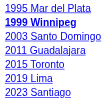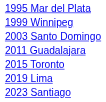 <table>
 <tr>
 <td><a href='#'>1995 Mar del Plata</a><br></td>
 <td></td>
 <td></td>
 <td></td>
 </tr>
 <tr>
-<td><strong><a href='#'>1999 Winnipeg</a><br></strong></td>
+<td><a href='#'>1999 Winnipeg</a><br></td>
 <td></td>
 <td></td>
 <td></td>
 </tr>
 <tr>
 <td rowspan=2><a href='#'>2003 Santo Domingo</a><br></td>
 <td rowspan=2></td>
 <td rowspan=2></td>
 <td></td>
 </tr>
 <tr>
 <td></td>
 </tr>
 <tr>
 <td rowspan=2><a href='#'>2011 Guadalajara</a><br></td>
 <td rowspan=2></td>
 <td rowspan=2></td>
 <td></td>
 </tr>
 <tr>
 <td></td>
 </tr>
 <tr>
 <td rowspan=2><a href='#'>2015 Toronto</a><br></td>
 <td rowspan=2></td>
 <td rowspan=2></td>
 <td></td>
 </tr>
 <tr>
 <td></td>
 </tr>
 <tr>
 <td rowspan=2><a href='#'>2019 Lima</a><br></td>
 <td rowspan=2></td>
 <td rowspan=2></td>
 <td></td>
 </tr>
 <tr>
 <td></td>
 </tr>
 <tr>
 <td rowspan=2><a href='#'>2023 Santiago</a><br></td>
 <td rowspan=2></td>
 <td rowspan=2></td>
 <td></td>
 </tr>
 <tr>
 <td></td>
 </tr>
 </table>
